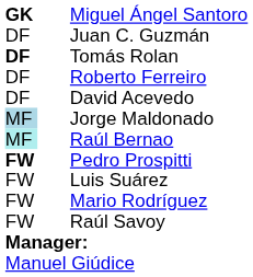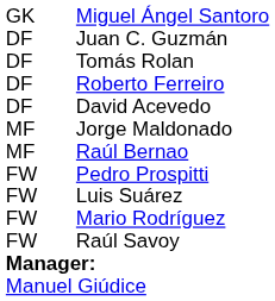 <table style="font-size:90%; margin:0.2em auto;" cellspacing="0" cellpadding="0">
 <tr>
 <th width="25"></th>
 <th width="25"></th>
 </tr>
 <tr>
-<td><strong>GK</strong></td>
+<td>GK</td>
 <td></td>
 <td> <a href='#'>Miguel Ángel Santoro</a></td>
 </tr>
 <tr>
 <td>DF</td>
 <td></td>
 <td> Juan C. Guzmán</td>
 </tr>
 <tr>
-<td><strong>DF</strong></td>
+<td>DF</td>
 <td></td>
 <td> Tomás Rolan</td>
 </tr>
 <tr>
 <td>DF</td>
 <td></td>
 <td> <a href='#'>Roberto Ferreiro</a></td>
 </tr>
 <tr>
 <td>DF</td>
 <td></td>
 <td> David Acevedo</td>
 </tr>
 <tr>
-<td style="background: lightblue;">MF</td>
+<td>MF</td>
 <td></td>
 <td> Jorge Maldonado</td>
 </tr>
 <tr>
-<td style="background: paleturquoise;">MF</td>
+<td>MF</td>
 <td></td>
 <td> <a href='#'>Raúl Bernao</a></td>
 </tr>
 <tr>
-<td><strong>FW</strong></td>
+<td>FW</td>
 <td></td>
 <td> <a href='#'>Pedro Prospitti</a></td>
 </tr>
 <tr>
 <td>FW</td>
 <td></td>
 <td> Luis Suárez</td>
 </tr>
 <tr>
 <td>FW</td>
 <td></td>
 <td> <a href='#'>Mario Rodríguez</a></td>
 </tr>
 <tr>
 <td>FW</td>
 <td></td>
 <td> Raúl Savoy</td>
 </tr>
 <tr>
 <td colspan=3><strong>Manager:</strong></td>
 </tr>
 <tr>
 <td colspan=4> <a href='#'>Manuel Giúdice</a></td>
 </tr>
 </table>
